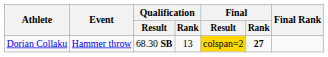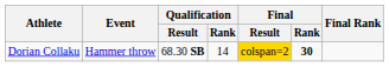 <table class="wikitable" style="font-size:90%">
 <tr>
 <th rowspan="2">Athlete</th>
 <th rowspan="2">Event</th>
 <th colspan="2">Qualification</th>
 <th colspan="2">Final</th>
 <th colspan="2" rowspan="2">Final Rank</th>
 </tr>
 <tr style="font-size:95%">
 <th>Result</th>
 <th>Rank</th>
 <th>Result</th>
 <th>Rank</th>
 </tr>
 <tr align=center>
 <td align=left><a href='#'>Dorian Collaku</a></td>
 <td align=left><a href='#'>Hammer throw</a></td>
 <td>68.30 <strong>SB</strong></td>
-<td>13</td>
+<td>14</td>
 <td style="background: gold;">colspan=2 </td>
-<td><strong>27</strong></td>
+<td><strong>30</strong></td>
 </tr>
 </table>
